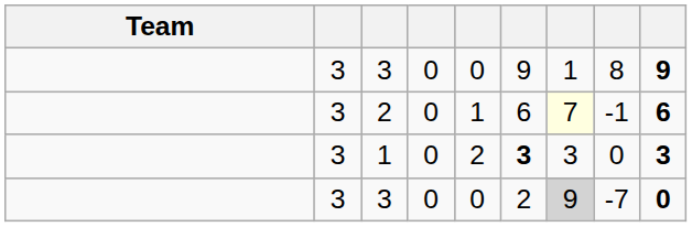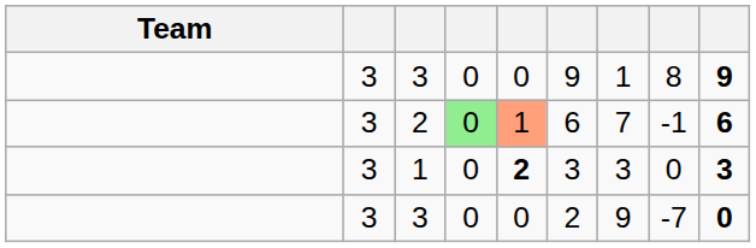 <table class="wikitable" style="text-align: center;">
 <tr>
 <th width="175">Team</th>
 <th width="20"></th>
 <th width="20"></th>
 <th width="20"></th>
 <th width="20"></th>
 <th width="20"></th>
 <th width="20"></th>
 <th width="20"></th>
 <th width="20"></th>
 </tr>
 <tr>
 <td style="text-align:left;"></td>
 <td>3</td>
 <td>3</td>
 <td>0</td>
 <td>0</td>
 <td>9</td>
 <td>1</td>
 <td>8</td>
 <td><strong>9</strong></td>
 </tr>
 <tr>
 <td style="text-align:left;"></td>
 <td>3</td>
 <td>2</td>
-<td>0</td>
-<td>1</td>
+<td style="background: lightgreen;">0</td>
+<td style="background: lightsalmon;">1</td>
 <td>6</td>
-<td style="background: lightyellow;">7</td>
+<td>7</td>
 <td>-1</td>
 <td><strong>6</strong></td>
 </tr>
 <tr>
 <td style="text-align:left;"></td>
 <td>3</td>
 <td>1</td>
 <td>0</td>
-<td>2</td>
-<td><strong>3</strong></td>
+<td><strong>2</strong></td>
+<td>3</td>
 <td>3</td>
 <td>0</td>
 <td><strong>3</strong></td>
 </tr>
 <tr>
 <td style="text-align:left;"></td>
 <td>3</td>
 <td>3</td>
 <td>0</td>
 <td>0</td>
 <td>2</td>
-<td style="background: lightgrey;">9</td>
+<td>9</td>
 <td>-7</td>
 <td><strong>0</strong></td>
 </tr>
 </table>
